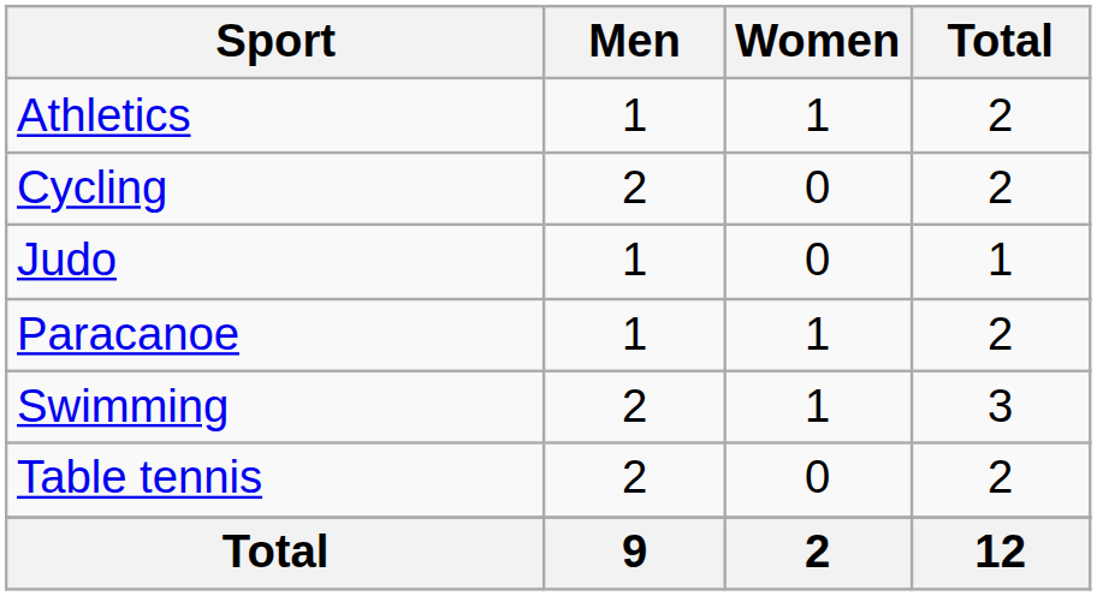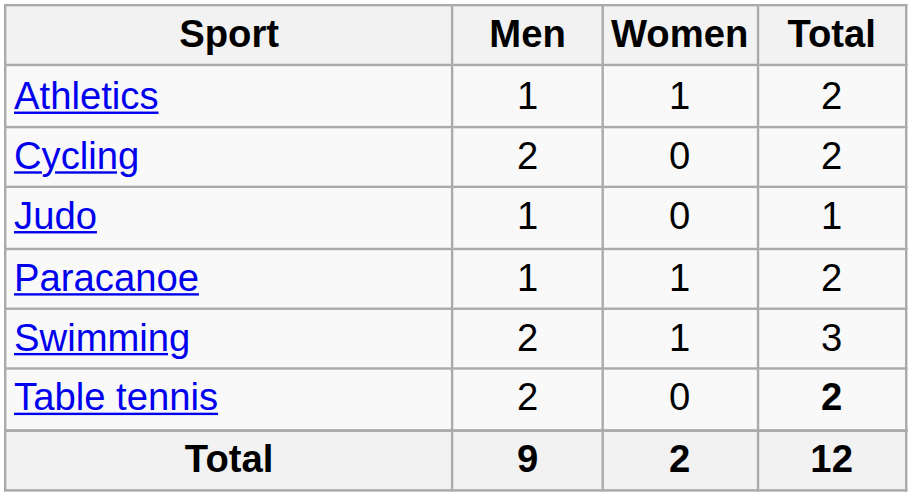 <table class="wikitable sortable" style="text-align:center;">
 <tr>
 <th width=180>Sport</th>
 <th width=55>Men</th>
 <th width=55>Women</th>
 <th width=55>Total</th>
 </tr>
 <tr>
 <td align=left><a href='#'>Athletics</a></td>
 <td>1</td>
 <td>1</td>
 <td>2</td>
 </tr>
 <tr>
 <td align=left><a href='#'>Cycling</a></td>
 <td>2</td>
 <td>0</td>
 <td>2</td>
 </tr>
 <tr>
 <td align=left><a href='#'>Judo</a></td>
 <td>1</td>
 <td>0</td>
 <td>1</td>
 </tr>
 <tr>
 <td align=left><a href='#'>Paracanoe</a></td>
 <td>1</td>
 <td>1</td>
 <td>2</td>
 </tr>
 <tr>
 <td align=left><a href='#'>Swimming</a></td>
 <td>2</td>
 <td>1</td>
 <td>3</td>
 </tr>
 <tr>
 <td align=left><a href='#'>Table tennis</a></td>
 <td>2</td>
 <td>0</td>
-<td>2</td>
+<td><strong>2</strong></td>
 </tr>
 <tr>
 </tr>
 <tr class="sortbottom">
 <th>Total</th>
 <th>9</th>
 <th>2</th>
 <th>12</th>
 </tr>
 </table>
